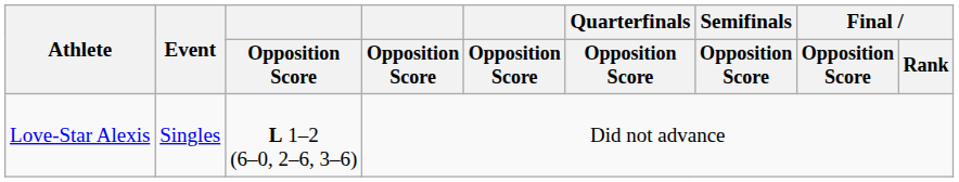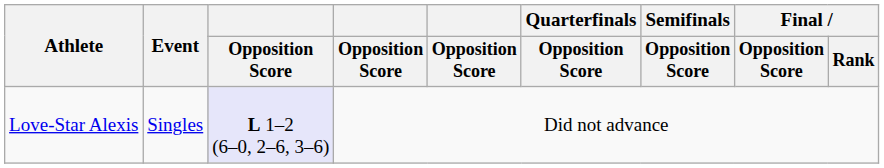 <table class=wikitable style="font-size:90%">
 <tr>
 <th rowspan="2">Athlete</th>
 <th rowspan="2">Event</th>
 <th></th>
 <th></th>
 <th></th>
 <th>Quarterfinals</th>
 <th>Semifinals</th>
 <th colspan=2>Final / </th>
 </tr>
 <tr style="font-size:95%">
 <th>Opposition<br>Score</th>
 <th>Opposition<br>Score</th>
 <th>Opposition<br>Score</th>
 <th>Opposition<br>Score</th>
 <th>Opposition<br>Score</th>
 <th>Opposition<br>Score</th>
 <th>Rank</th>
 </tr>
 <tr align=center>
 <td align=left><a href='#'>Love-Star Alexis</a></td>
 <td align=left><a href='#'>Singles</a></td>
-<td><br><strong>L</strong> 1–2<br>(6–0, 2–6, 3–6)</td>
+<td style="background: lavender;"><br><strong>L</strong> 1–2<br>(6–0, 2–6, 3–6)</td>
 <td colspan=6>Did not advance</td>
 </tr>
 </table>
